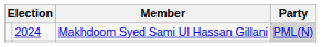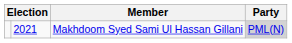 <table class="wikitable">
 <tr>
 <th colspan="2">Election</th>
 <th>Member</th>
 <th>Party</th>
 </tr>
 <tr>
 <td style="background-color: "></td>
-<td><a href='#'>2024</a></td>
+<td><a href='#'>2021</a></td>
 <td><a href='#'>Makhdoom Syed Sami Ul Hassan Gillani</a></td>
 <td style="background: lightgrey;"><a href='#'>PML(N)</a></td>
 </tr>
 </table>
